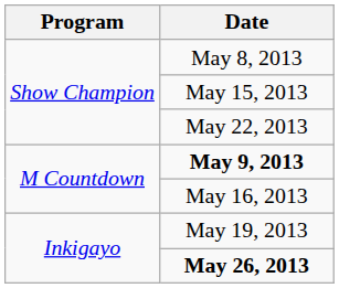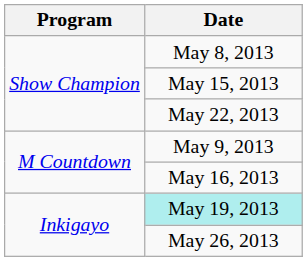 <table class="wikitable sortable" style="text-align:center">
 <tr>
 <th>Program</th>
 <th width="120">Date</th>
 </tr>
 <tr>
 <td rowspan="3"><em><a href='#'>Show Champion</a></em></td>
 <td>May 8, 2013</td>
 </tr>
 <tr>
 <td>May 15, 2013</td>
 </tr>
 <tr>
 <td>May 22, 2013</td>
 </tr>
 <tr>
 <td rowspan="2"><em><a href='#'>M Countdown</a></em></td>
-<td><strong>May 9, 2013</strong></td>
+<td>May 9, 2013</td>
 </tr>
 <tr>
 <td>May 16, 2013</td>
 </tr>
 <tr>
 <td rowspan="2"><em><a href='#'>Inkigayo</a></em></td>
-<td>May 19, 2013</td>
+<td style="background: paleturquoise;">May 19, 2013</td>
 </tr>
 <tr>
-<td><strong>May 26, 2013</strong></td>
+<td>May 26, 2013</td>
 </tr>
 </table>
